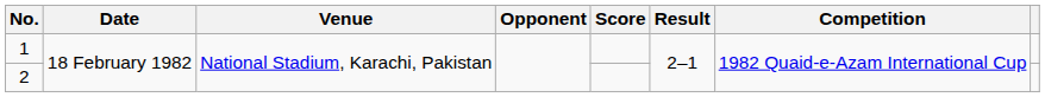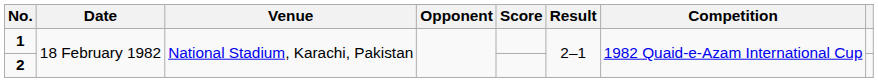 <table class="wikitable plainrowheaders sortable">
 <tr>
 <th scope="col">No.</th>
 <th scope="col">Date</th>
 <th scope="col">Venue</th>
 <th scope="col">Opponent</th>
 <th scope="col">Score</th>
 <th scope="col">Result</th>
 <th scope="col">Competition</th>
 <th scope="col" class="unsortable"></th>
 </tr>
 <tr>
-<td align="center">1</td>
+<td align="center"><strong>1</strong></td>
 <td rowspan="2">18 February 1982</td>
 <td rowspan="2"><a href='#'>National Stadium</a>, Karachi, Pakistan</td>
 <td rowspan="2"></td>
 <td align="center"></td>
 <td rowspan="2" align="center">2–1</td>
 <td rowspan="2"><a href='#'>1982 Quaid-e-Azam International Cup</a></td>
 <td></td>
 </tr>
 <tr>
-<td align="center">2</td>
+<td align="center"><strong>2</strong></td>
 <td align="center"></td>
 <td></td>
 </tr>
 </table>
